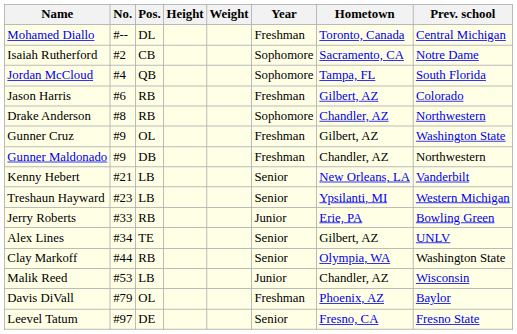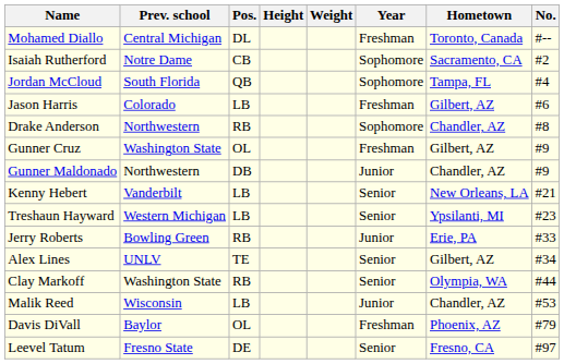 <table class="wikitable sortable">
 <tr>
 <th>Name</th>
-<th>No.</th>
+<th class="unsortable">Prev. school</th>
 <th>Pos.</th>
 <th>Height</th>
 <th>Weight</th>
 <th>Year</th>
 <th>Hometown</th>
-<th class="unsortable">Prev. school</th>
+<th>No.</th>
 </tr>
 <tr style="background:#FFFFE6;">
 <td><a href='#'>Mohamed Diallo</a></td>
-<td>#--</td>
+<td><a href='#'>Central Michigan</a></td>
 <td>DL</td>
 <td></td>
 <td></td>
 <td>Freshman</td>
 <td><a href='#'>Toronto, Canada</a></td>
-<td><a href='#'>Central Michigan</a></td>
+<td>#--</td>
 </tr>
 <tr style="background:#FFFFE6;">
 <td>Isaiah Rutherford</td>
-<td>#2</td>
+<td><a href='#'>Notre Dame</a></td>
 <td>CB</td>
 <td></td>
 <td></td>
 <td>Sophomore</td>
 <td><a href='#'>Sacramento, CA</a></td>
-<td><a href='#'>Notre Dame</a></td>
+<td>#2</td>
 </tr>
 <tr style="background:#FFFFE6;">
 <td><a href='#'>Jordan McCloud</a></td>
-<td>#4</td>
+<td><a href='#'>South Florida</a></td>
 <td>QB</td>
 <td></td>
 <td></td>
 <td>Sophomore</td>
 <td><a href='#'>Tampa, FL</a></td>
-<td><a href='#'>South Florida</a></td>
+<td>#4</td>
 </tr>
 <tr style="background:#FFFFE6;">
 <td>Jason Harris</td>
-<td>#6</td>
-<td>RB</td>
+<td><a href='#'>Colorado</a></td>
+<td>LB</td>
 <td></td>
 <td></td>
 <td>Freshman</td>
 <td><a href='#'>Gilbert, AZ</a></td>
-<td><a href='#'>Colorado</a></td>
+<td>#6</td>
 </tr>
 <tr style="background:#FFFFE6;">
 <td>Drake Anderson</td>
-<td>#8</td>
+<td><a href='#'>Northwestern</a></td>
 <td>RB</td>
 <td></td>
 <td></td>
 <td>Sophomore</td>
 <td><a href='#'>Chandler, AZ</a></td>
-<td><a href='#'>Northwestern</a></td>
+<td>#8</td>
 </tr>
 <tr style="background:#FFFFE6;">
 <td>Gunner Cruz</td>
-<td>#9</td>
+<td><a href='#'>Washington State</a></td>
 <td>OL</td>
 <td></td>
 <td></td>
 <td>Freshman</td>
 <td>Gilbert, AZ</td>
-<td><a href='#'>Washington State</a></td>
+<td>#9</td>
 </tr>
 <tr style="background:#FFFFE6;">
 <td><a href='#'>Gunner Maldonado</a></td>
-<td>#9</td>
+<td>Northwestern</td>
 <td>DB</td>
 <td></td>
 <td></td>
-<td>Freshman</td>
+<td> Junior</td>
 <td>Chandler, AZ</td>
-<td>Northwestern</td>
+<td>#9</td>
 </tr>
 <tr style="background:#FFFFE6;">
 <td>Kenny Hebert</td>
-<td>#21</td>
+<td><a href='#'>Vanderbilt</a></td>
 <td>LB</td>
 <td></td>
 <td></td>
 <td> Senior</td>
 <td><a href='#'>New Orleans, LA</a></td>
-<td><a href='#'>Vanderbilt</a></td>
+<td>#21</td>
 </tr>
 <tr style="background:#FFFFE6;">
 <td>Treshaun Hayward</td>
-<td>#23</td>
+<td><a href='#'>Western Michigan</a></td>
 <td>LB</td>
 <td></td>
 <td></td>
 <td>Senior</td>
 <td><a href='#'>Ypsilanti, MI</a></td>
-<td><a href='#'>Western Michigan</a></td>
+<td>#23</td>
 </tr>
 <tr style="background:#FFFFE6;">
 <td>Jerry Roberts</td>
-<td>#33</td>
+<td><a href='#'>Bowling Green</a></td>
 <td>RB</td>
 <td></td>
 <td></td>
 <td> Junior</td>
 <td><a href='#'>Erie, PA</a></td>
-<td><a href='#'>Bowling Green</a></td>
+<td>#33</td>
 </tr>
 <tr style="background:#FFFFE6;">
 <td>Alex Lines</td>
-<td>#34</td>
+<td><a href='#'>UNLV</a></td>
 <td>TE</td>
 <td></td>
 <td></td>
 <td>Senior</td>
 <td>Gilbert, AZ</td>
-<td><a href='#'>UNLV</a></td>
+<td>#34</td>
 </tr>
 <tr style="background:#FFFFE6;">
 <td>Clay Markoff</td>
-<td>#44</td>
+<td>Washington State</td>
 <td>RB</td>
 <td></td>
 <td></td>
 <td>Senior</td>
 <td><a href='#'>Olympia, WA</a></td>
-<td>Washington State</td>
+<td>#44</td>
 </tr>
 <tr style="background:#FFFFE6;">
 <td>Malik Reed</td>
-<td>#53</td>
+<td><a href='#'>Wisconsin</a></td>
 <td>LB</td>
 <td></td>
 <td></td>
 <td> Junior</td>
 <td>Chandler, AZ</td>
-<td><a href='#'>Wisconsin</a></td>
+<td>#53</td>
 </tr>
 <tr style="background:#FFFFE6;">
 <td>Davis DiVall</td>
-<td>#79</td>
+<td><a href='#'>Baylor</a></td>
 <td>OL</td>
 <td></td>
 <td></td>
 <td>Freshman</td>
 <td><a href='#'>Phoenix, AZ</a></td>
-<td><a href='#'>Baylor</a></td>
+<td>#79</td>
 </tr>
 <tr style="background:#FFFFE6;">
 <td>Leevel Tatum</td>
-<td>#97</td>
+<td><a href='#'>Fresno State</a></td>
 <td>DE</td>
 <td></td>
 <td></td>
 <td>Senior</td>
 <td><a href='#'>Fresno, CA</a></td>
-<td><a href='#'>Fresno State</a></td>
+<td>#97</td>
 </tr>
 </table>
